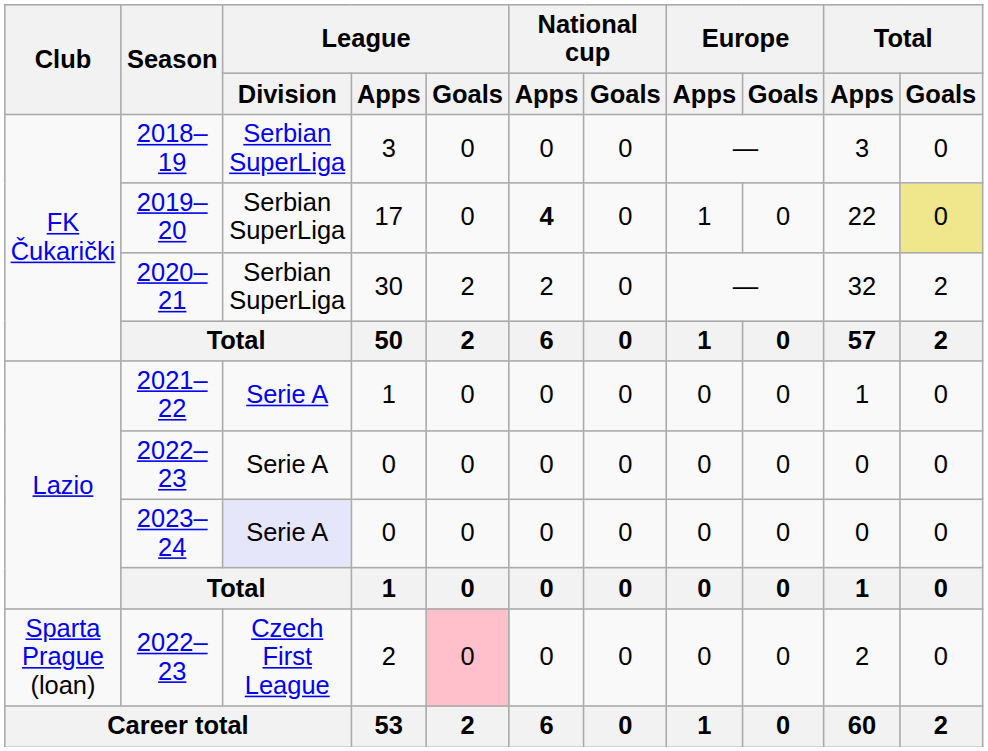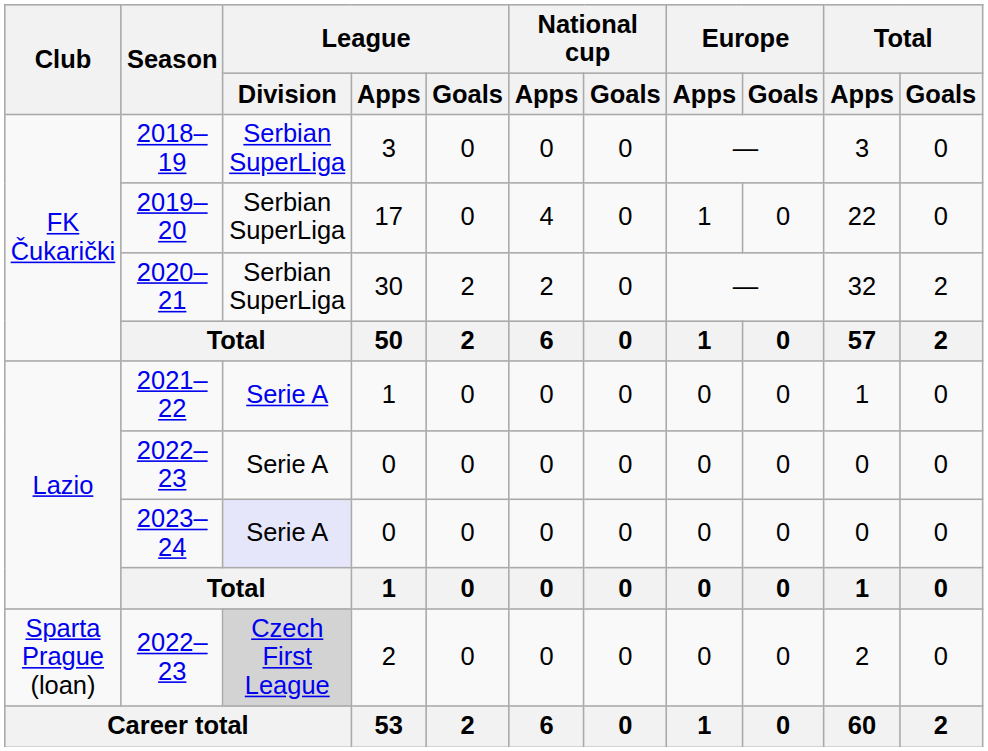 <table class="wikitable" style="text-align:center">
 <tr>
 <th rowspan="2">Club</th>
 <th rowspan="2">Season</th>
 <th colspan="3">League</th>
 <th colspan="2">National cup</th>
 <th colspan="2">Europe</th>
 <th colspan="2">Total</th>
 </tr>
 <tr>
 <th>Division</th>
 <th>Apps</th>
 <th>Goals</th>
 <th>Apps</th>
 <th>Goals</th>
 <th>Apps</th>
 <th>Goals</th>
 <th>Apps</th>
 <th>Goals</th>
 </tr>
 <tr>
 <td rowspan="4"><a href='#'>FK Čukarički</a></td>
 <td><a href='#'>2018–19</a></td>
 <td><a href='#'>Serbian SuperLiga</a></td>
 <td>3</td>
 <td>0</td>
 <td>0</td>
 <td>0</td>
 <td colspan="2">—</td>
 <td>3</td>
 <td>0</td>
 </tr>
 <tr>
 <td><a href='#'>2019–20</a></td>
 <td>Serbian SuperLiga</td>
 <td>17</td>
 <td>0</td>
-<td><strong>4</strong></td>
+<td>4</td>
 <td>0</td>
 <td>1</td>
 <td>0</td>
 <td>22</td>
-<td style="background: khaki;">0</td>
+<td>0</td>
 </tr>
 <tr>
 <td><a href='#'>2020–21</a></td>
 <td>Serbian SuperLiga</td>
 <td>30</td>
 <td>2</td>
 <td>2</td>
 <td>0</td>
 <td colspan="2">—</td>
 <td>32</td>
 <td>2</td>
 </tr>
 <tr>
 <th colspan="2">Total</th>
 <th>50</th>
 <th>2</th>
 <th>6</th>
 <th>0</th>
 <th>1</th>
 <th>0</th>
 <th>57</th>
 <th>2</th>
 </tr>
 <tr>
 <td rowspan="4"><a href='#'>Lazio</a></td>
 <td><a href='#'>2021–22</a></td>
 <td><a href='#'>Serie A</a></td>
 <td>1</td>
 <td>0</td>
 <td>0</td>
 <td>0</td>
 <td>0</td>
 <td>0</td>
 <td>1</td>
 <td>0</td>
 </tr>
 <tr>
 <td><a href='#'>2022–23</a></td>
 <td>Serie A</td>
 <td>0</td>
 <td>0</td>
 <td>0</td>
 <td>0</td>
 <td>0</td>
 <td>0</td>
 <td>0</td>
 <td>0</td>
 </tr>
 <tr>
 <td><a href='#'>2023–24</a></td>
 <td style="background: lavender;">Serie A</td>
 <td>0</td>
 <td>0</td>
 <td>0</td>
 <td>0</td>
 <td>0</td>
 <td>0</td>
 <td>0</td>
 <td>0</td>
 </tr>
 <tr>
 <th colspan="2">Total</th>
 <th>1</th>
 <th>0</th>
 <th>0</th>
 <th>0</th>
 <th>0</th>
 <th>0</th>
 <th>1</th>
 <th>0</th>
 </tr>
 <tr>
 <td><a href='#'>Sparta Prague</a> (loan)</td>
 <td><a href='#'>2022–23</a></td>
-<td><a href='#'>Czech First League</a></td>
+<td style="background: lightgrey;"><a href='#'>Czech First League</a></td>
 <td>2</td>
-<td style="background: pink;">0</td>
+<td>0</td>
 <td>0</td>
 <td>0</td>
 <td>0</td>
 <td>0</td>
 <td>2</td>
 <td>0</td>
 </tr>
 <tr>
 <th colspan="3">Career total</th>
 <th>53</th>
 <th>2</th>
 <th>6</th>
 <th>0</th>
 <th>1</th>
 <th>0</th>
 <th>60</th>
 <th>2</th>
 </tr>
 </table>
